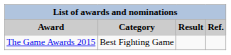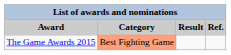 <table class="wikitable" style="font-size:90%;">
 <tr>
 <th colspan="4" style="background:#B0C4DE;">List of awards and nominations</th>
 </tr>
 <tr>
 <th style="background:#ccc;">Award</th>
 <th style="background:#ccc;">Category</th>
 <th style="background:#ccc;">Result</th>
 <th style="background:#ccc;">Ref.</th>
 </tr>
 <tr>
 <td><a href='#'>The Game Awards 2015</a></td>
-<td>Best Fighting Game</td>
+<td style="background: lightsalmon;">Best Fighting Game</td>
 <td></td>
 <td></td>
 </tr>
 </table>
